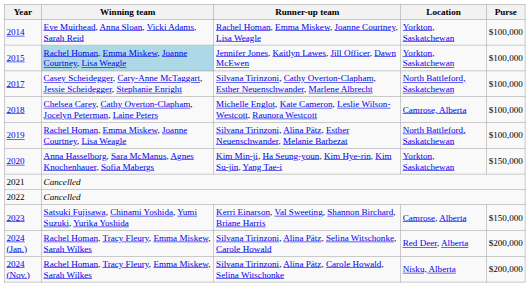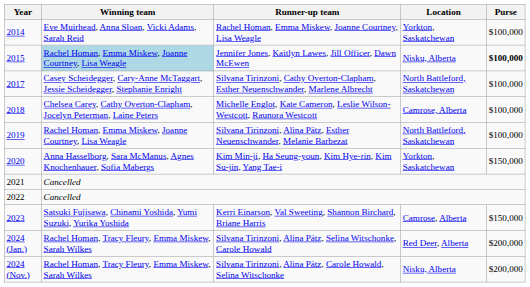 <table class="wikitable" style="font-size:95%;">
 <tr>
 <th scope="col">Year</th>
 <th scope="col">Winning team</th>
 <th scope="col">Runner-up team</th>
 <th scope="col">Location</th>
 <th scope="col">Purse</th>
 </tr>
 <tr>
 <td><a href='#'>2014</a></td>
 <td> <a href='#'>Eve Muirhead</a>, <a href='#'>Anna Sloan</a>, <a href='#'>Vicki Adams</a>, <a href='#'>Sarah Reid</a></td>
 <td> <a href='#'>Rachel Homan</a>, <a href='#'>Emma Miskew</a>, <a href='#'>Joanne Courtney</a>, <a href='#'>Lisa Weagle</a></td>
 <td><a href='#'>Yorkton</a>, <a href='#'>Saskatchewan</a></td>
 <td>$100,000</td>
 </tr>
 <tr>
 <td><a href='#'>2015</a></td>
 <td style="background: lightblue;"> <a href='#'>Rachel Homan</a>, <a href='#'>Emma Miskew</a>, <a href='#'>Joanne Courtney</a>, <a href='#'>Lisa Weagle</a></td>
 <td> <a href='#'>Jennifer Jones</a>, <a href='#'>Kaitlyn Lawes</a>, <a href='#'>Jill Officer</a>, <a href='#'>Dawn McEwen</a></td>
-<td><a href='#'>Yorkton</a>, <a href='#'>Saskatchewan</a></td>
-<td>$100,000</td>
+<td><a href='#'>Nisku, Alberta</a></td>
+<td><strong>$100,000</strong></td>
 </tr>
 <tr>
 <td><a href='#'>2017</a></td>
 <td> <a href='#'>Casey Scheidegger</a>, <a href='#'>Cary-Anne McTaggart</a>, <a href='#'>Jessie Scheidegger</a>, <a href='#'>Stephanie Enright</a></td>
 <td> <a href='#'>Silvana Tirinzoni</a>, <a href='#'>Cathy Overton-Clapham</a>, <a href='#'>Esther Neuenschwander</a>, <a href='#'>Marlene Albrecht</a></td>
 <td><a href='#'>North Battleford, Saskatchewan</a></td>
 <td>$100,000</td>
 </tr>
 <tr>
 <td><a href='#'>2018</a></td>
 <td> <a href='#'>Chelsea Carey</a>, <a href='#'>Cathy Overton-Clapham</a>, <a href='#'>Jocelyn Peterman</a>, <a href='#'>Laine Peters</a></td>
 <td> <a href='#'>Michelle Englot</a>, <a href='#'>Kate Cameron</a>, <a href='#'>Leslie Wilson-Westcott</a>, <a href='#'>Raunora Westcott</a></td>
 <td><a href='#'>Camrose, Alberta</a></td>
 <td>$100,000</td>
 </tr>
 <tr>
 <td><a href='#'>2019</a></td>
 <td> <a href='#'>Rachel Homan</a>, <a href='#'>Emma Miskew</a>, <a href='#'>Joanne Courtney</a>, <a href='#'>Lisa Weagle</a></td>
 <td> <a href='#'>Silvana Tirinzoni</a>, <a href='#'>Alina Pätz</a>, <a href='#'>Esther Neuenschwander</a>, <a href='#'>Melanie Barbezat</a></td>
 <td><a href='#'>North Battleford, Saskatchewan</a></td>
 <td>$100,000</td>
 </tr>
 <tr>
 <td><a href='#'>2020</a></td>
 <td> <a href='#'>Anna Hasselborg</a>, <a href='#'>Sara McManus</a>, <a href='#'>Agnes Knochenhauer</a>, <a href='#'>Sofia Mabergs</a></td>
 <td> <a href='#'>Kim Min-ji</a>, <a href='#'>Ha Seung-youn</a>, <a href='#'>Kim Hye-rin</a>, <a href='#'>Kim Su-jin</a>, <a href='#'>Yang Tae-i</a></td>
 <td><a href='#'>Yorkton</a>, <a href='#'>Saskatchewan</a></td>
 <td>$150,000</td>
 </tr>
 <tr>
 <td>2021</td>
 <td colspan="4"><em>Cancelled</em></td>
 </tr>
 <tr>
 <td>2022</td>
 <td colspan="4"><em>Cancelled</em></td>
 </tr>
 <tr>
 <td><a href='#'>2023</a></td>
 <td> <a href='#'>Satsuki Fujisawa</a>, <a href='#'>Chinami Yoshida</a>, <a href='#'>Yumi Suzuki</a>, <a href='#'>Yurika Yoshida</a></td>
 <td> <a href='#'>Kerri Einarson</a>, <a href='#'>Val Sweeting</a>, <a href='#'>Shannon Birchard</a>, <a href='#'>Briane Harris</a></td>
 <td><a href='#'>Camrose</a>, <a href='#'>Alberta</a></td>
 <td>$150,000</td>
 </tr>
 <tr>
 <td><a href='#'>2024 (Jan.)</a></td>
 <td> <a href='#'>Rachel Homan</a>, <a href='#'>Tracy Fleury</a>, <a href='#'>Emma Miskew</a>, <a href='#'>Sarah Wilkes</a></td>
 <td> <a href='#'>Silvana Tirinzoni</a>, <a href='#'>Alina Pätz</a>, <a href='#'>Selina Witschonke</a>, <a href='#'>Carole Howald</a></td>
 <td><a href='#'>Red Deer</a>, <a href='#'>Alberta</a></td>
 <td>$200,000</td>
 </tr>
 <tr>
 <td><a href='#'>2024 (Nov.)</a></td>
 <td> <a href='#'>Rachel Homan</a>, <a href='#'>Tracy Fleury</a>, <a href='#'>Emma Miskew</a>, <a href='#'>Sarah Wilkes</a></td>
 <td> <a href='#'>Silvana Tirinzoni</a>, <a href='#'>Alina Pätz</a>, <a href='#'>Carole Howald</a>, <a href='#'>Selina Witschonke</a></td>
 <td><a href='#'>Nisku, Alberta</a></td>
 <td>$200,000</td>
 </tr>
 </table>
